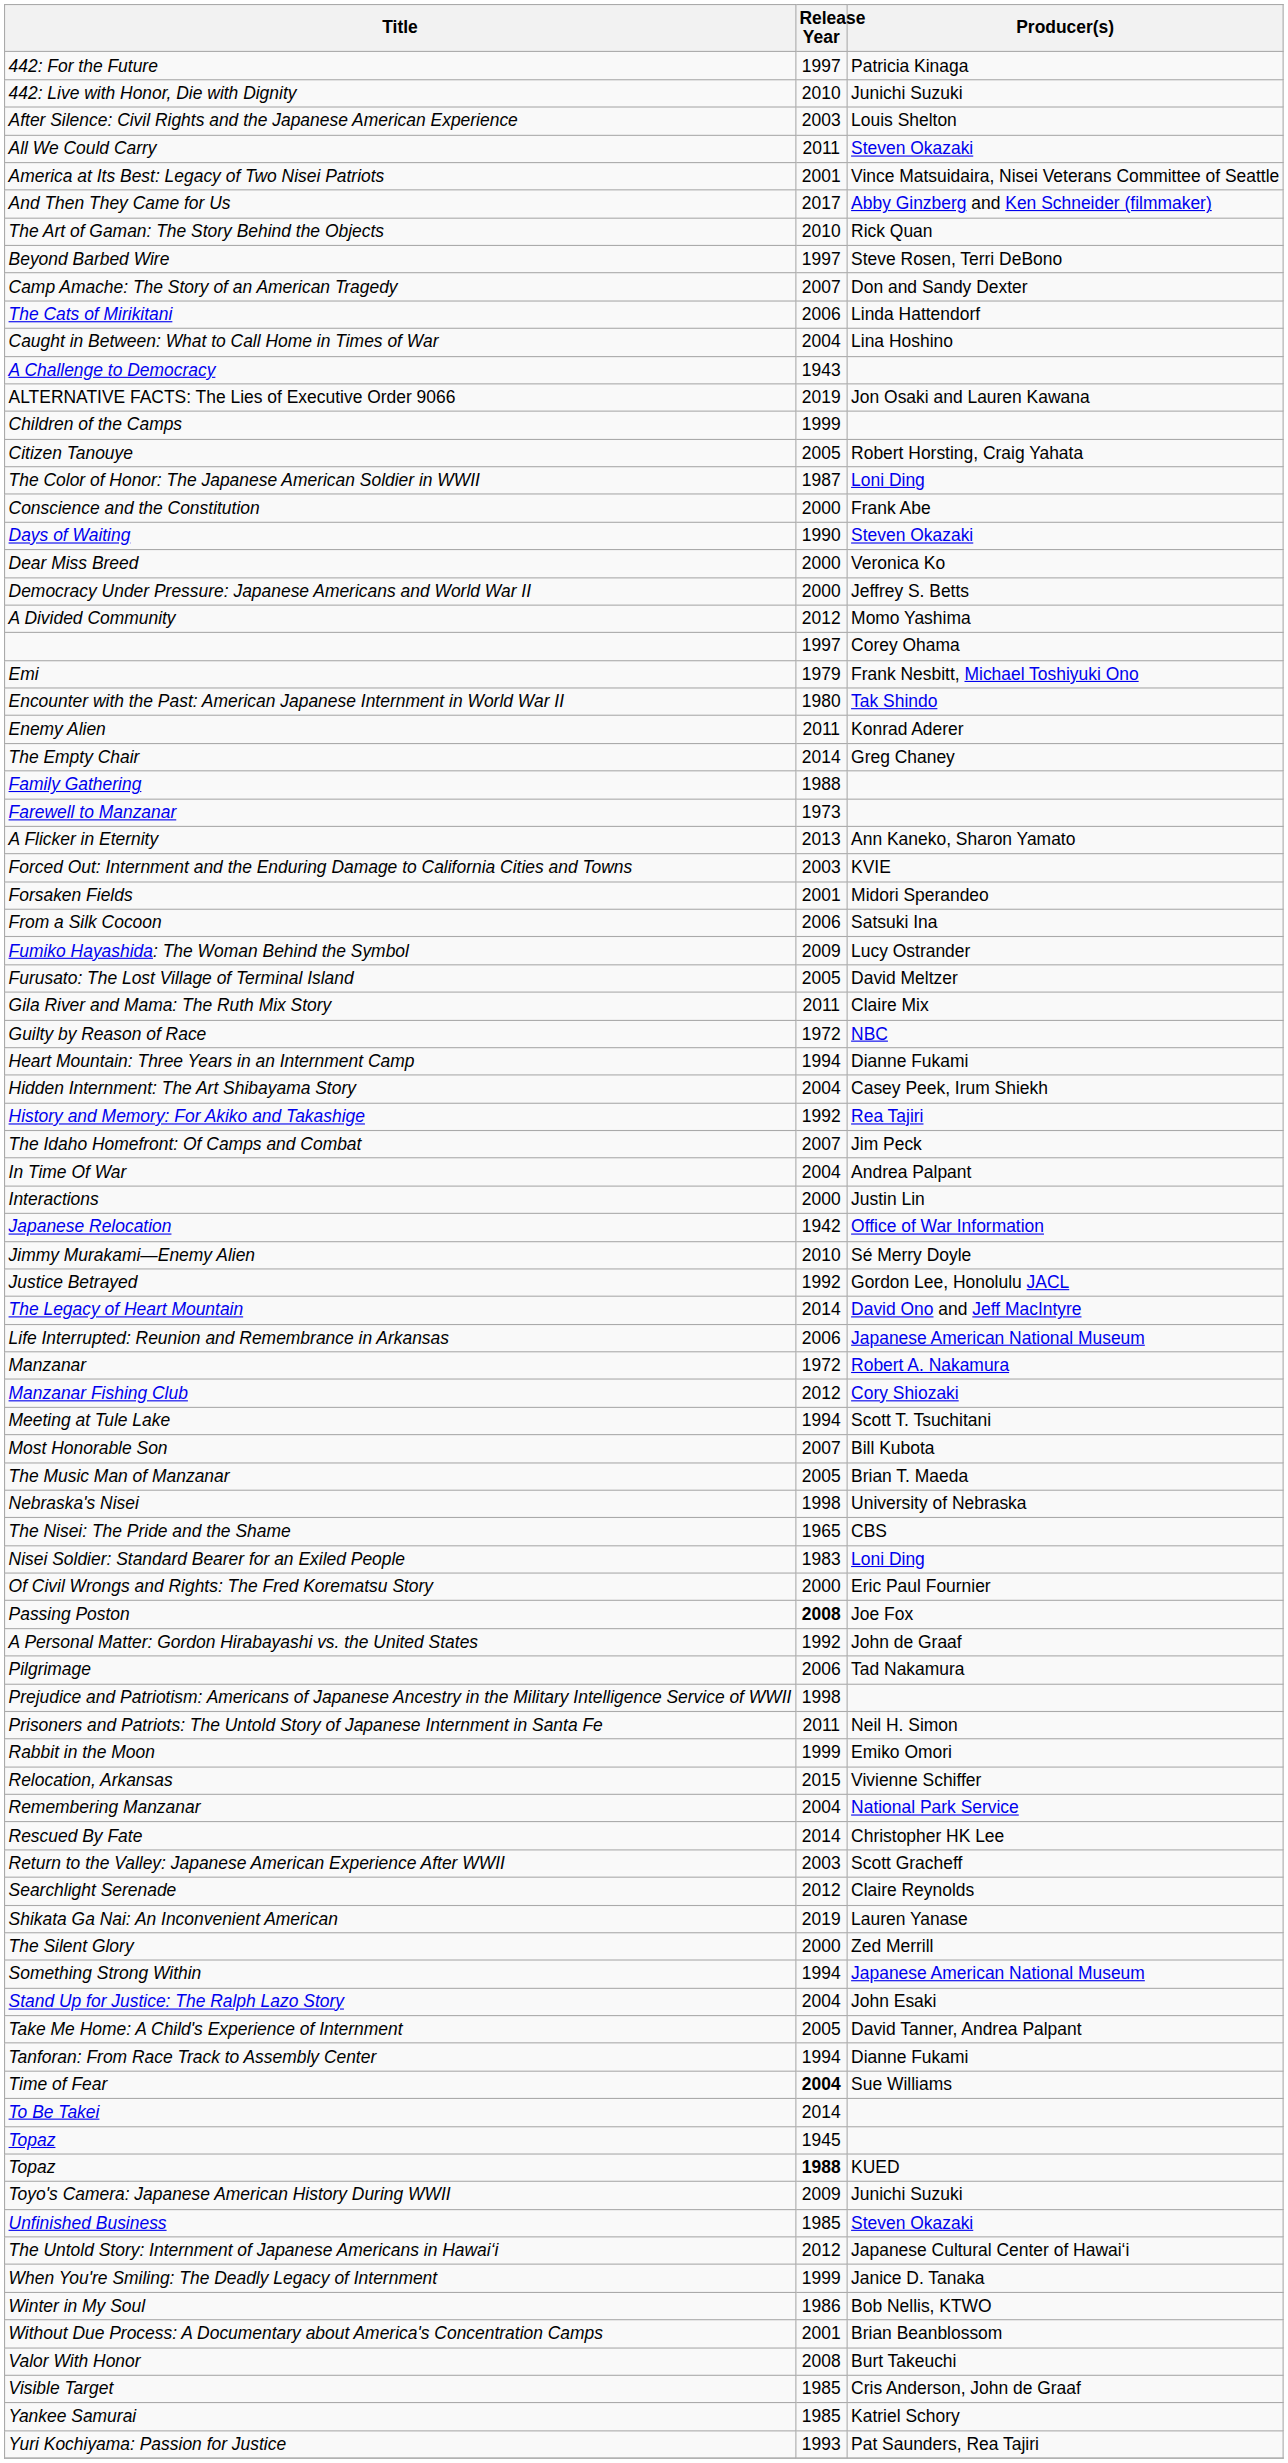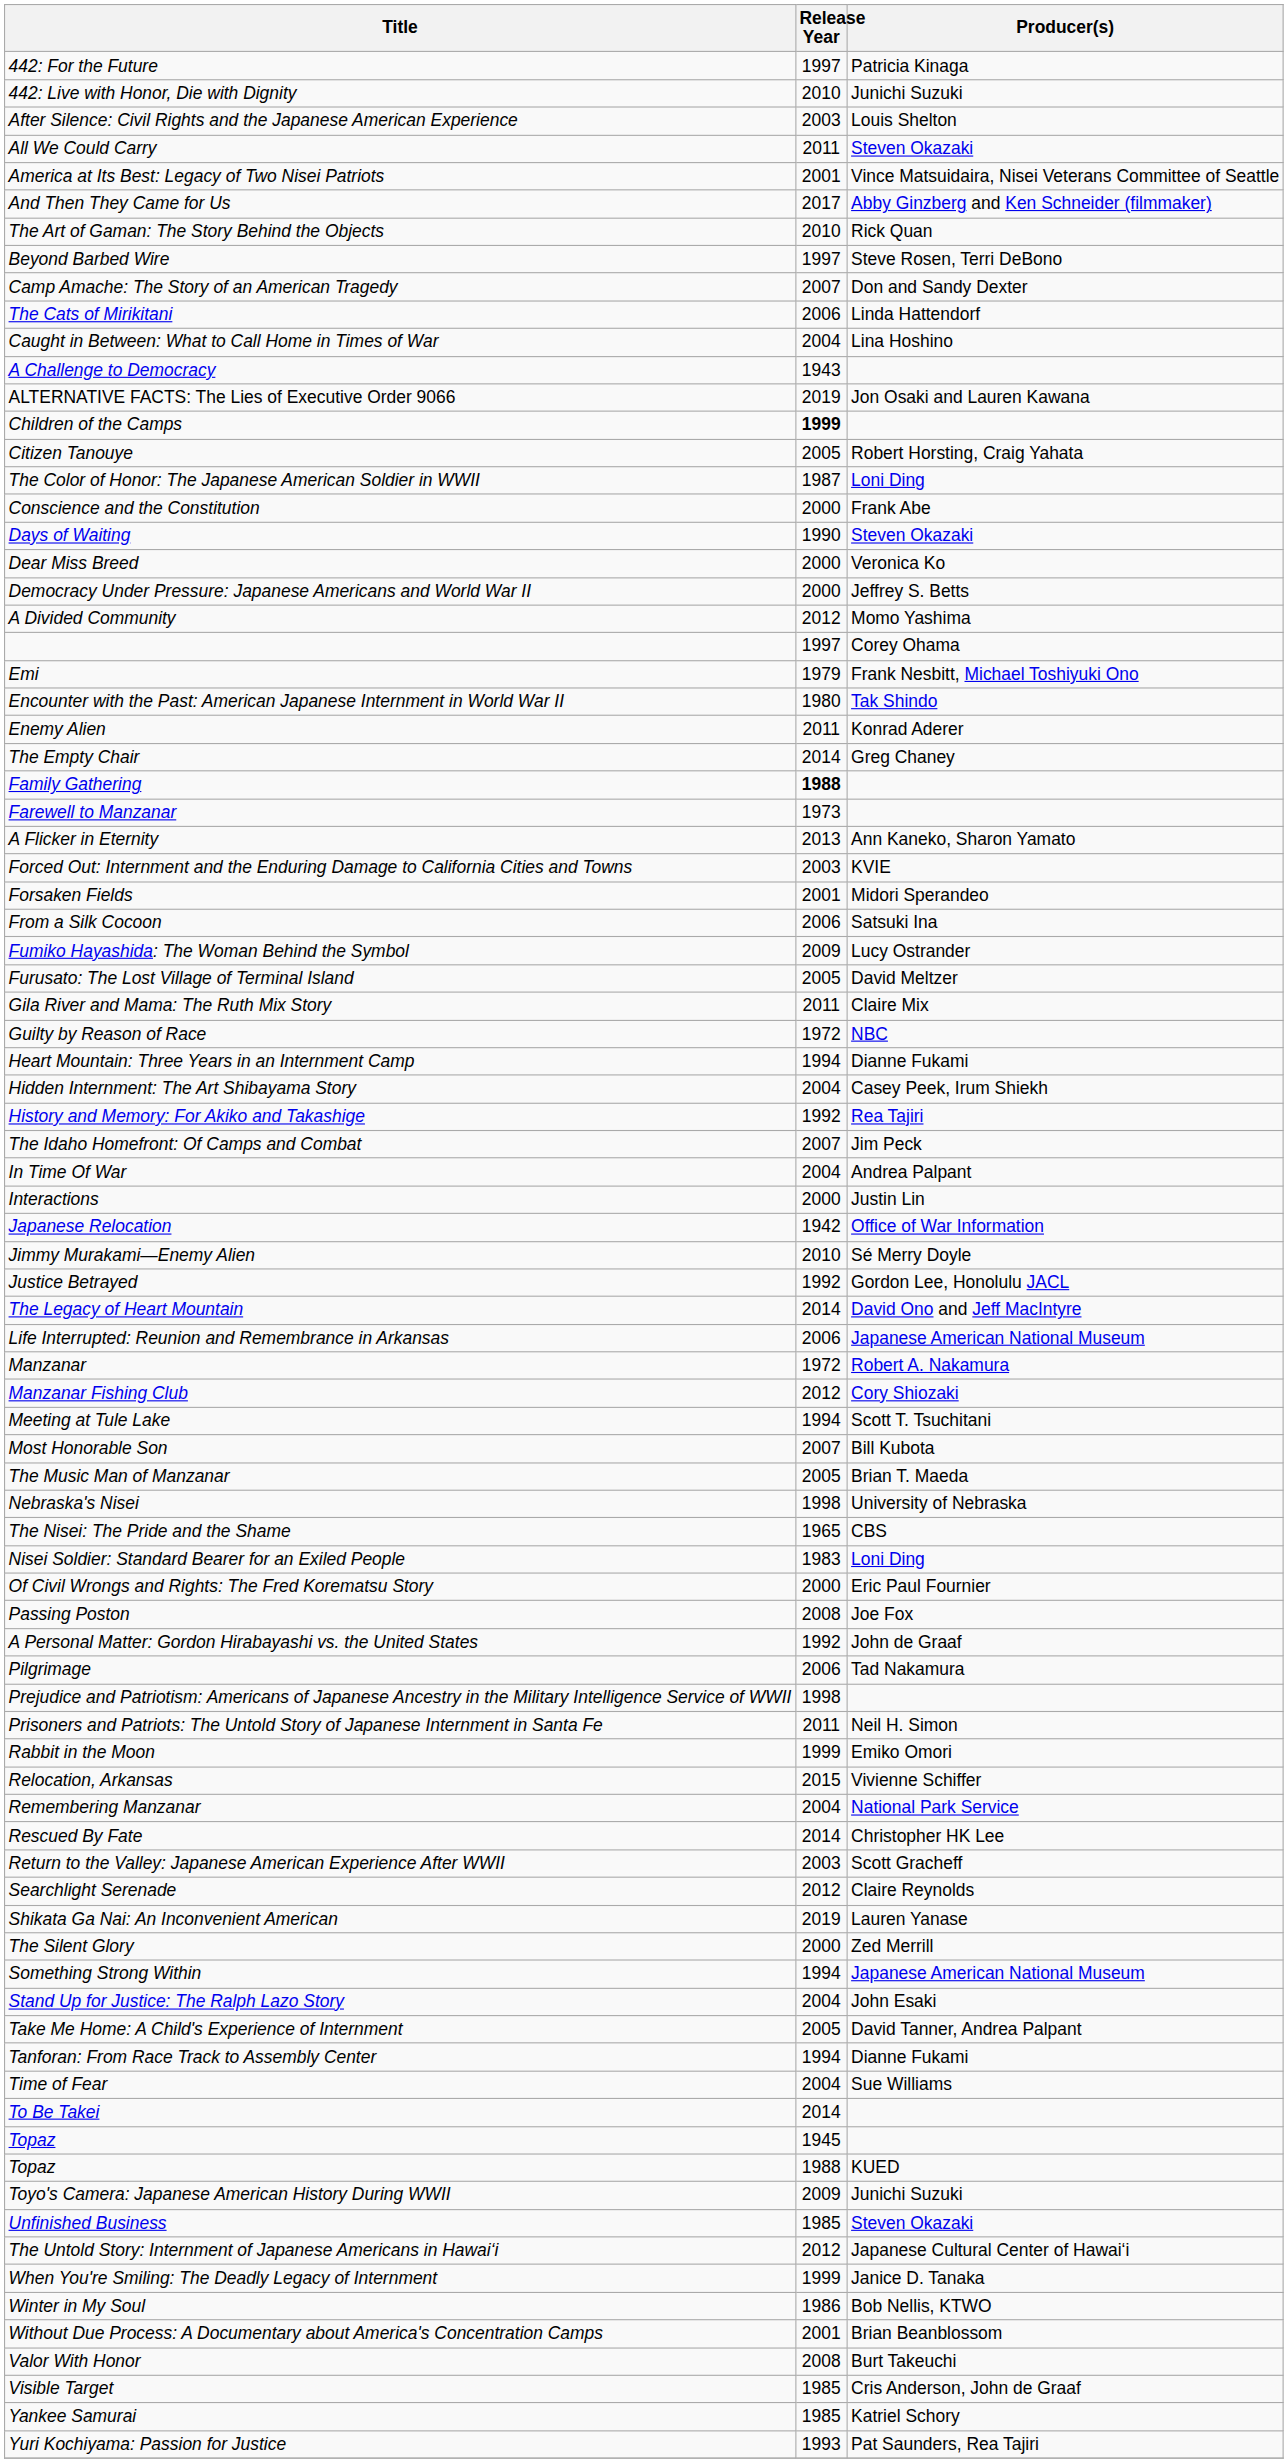 <table class="wikitable sortable">
 <tr>
 <th>Title</th>
 <th scope="col" style="max-width: 40px">Release Year</th>
 <th>Producer(s)</th>
 </tr>
 <tr>
 <td><em>442: For the Future</em></td>
 <td style="text-align: center;">1997</td>
 <td>Patricia Kinaga</td>
 </tr>
 <tr>
 <td><em>442: Live with Honor, Die with Dignity</em></td>
 <td style="text-align: center;">2010</td>
 <td>Junichi Suzuki</td>
 </tr>
 <tr>
 <td><em>After Silence: Civil Rights and the Japanese American Experience</em></td>
 <td style="text-align: center;">2003</td>
 <td>Louis Shelton</td>
 </tr>
 <tr>
 <td><em>All We Could Carry</em></td>
 <td style="text-align: center;">2011</td>
 <td><a href='#'>Steven Okazaki</a></td>
 </tr>
 <tr>
 <td><em>America at Its Best: Legacy of Two Nisei Patriots</em></td>
 <td style="text-align: center;">2001</td>
 <td>Vince Matsuidaira, Nisei Veterans Committee of Seattle</td>
 </tr>
 <tr>
 <td><em>And Then They Came for Us</em></td>
 <td style="text-align: center;">2017</td>
 <td><a href='#'>Abby Ginzberg</a> and <a href='#'>Ken Schneider (filmmaker)</a></td>
 </tr>
 <tr>
 <td><em>The Art of Gaman: The Story Behind the Objects</em></td>
 <td style="text-align: center;">2010</td>
 <td>Rick Quan</td>
 </tr>
 <tr>
 <td><em>Beyond Barbed Wire</em></td>
 <td style="text-align: center;">1997</td>
 <td>Steve Rosen, Terri DeBono</td>
 </tr>
 <tr>
 <td><em>Camp Amache: The Story of an American Tragedy</em> </td>
 <td style="text-align: center;">2007</td>
 <td>Don and Sandy Dexter</td>
 </tr>
 <tr>
 <td><em><a href='#'>The Cats of Mirikitani</a></em></td>
 <td style="text-align: center;">2006</td>
 <td>Linda Hattendorf</td>
 </tr>
 <tr>
 <td><em>Caught in Between: What to Call Home in Times of War</em></td>
 <td style="text-align: center;">2004</td>
 <td>Lina Hoshino</td>
 </tr>
 <tr>
 <td><em><a href='#'>A Challenge to Democracy</a></em></td>
 <td style="text-align: center;">1943</td>
 <td></td>
 </tr>
 <tr>
 <td>ALTERNATIVE FACTS: The Lies of Executive Order 9066</td>
 <td style="text-align: center;">2019</td>
 <td>Jon Osaki and Lauren Kawana</td>
 </tr>
 <tr>
 <td><em>Children of the Camps</em></td>
-<td style="text-align: center;">1999</td>
+<td style="text-align: center;"><strong>1999</strong></td>
 <td></td>
 </tr>
 <tr>
 <td><em>Citizen Tanouye</em></td>
 <td style="text-align: center;">2005</td>
 <td>Robert Horsting, Craig Yahata</td>
 </tr>
 <tr>
 <td><em>The Color of Honor: The Japanese American Soldier in WWII</em></td>
 <td style="text-align: center;">1987</td>
 <td><a href='#'>Loni Ding</a></td>
 </tr>
 <tr>
 <td><em>Conscience and the Constitution</em> </td>
 <td style="text-align: center;">2000</td>
 <td>Frank Abe</td>
 </tr>
 <tr>
 <td><em><a href='#'>Days of Waiting</a></em></td>
 <td style="text-align: center;">1990</td>
 <td><a href='#'>Steven Okazaki</a></td>
 </tr>
 <tr>
 <td><em>Dear Miss Breed</em></td>
 <td style="text-align: center;">2000</td>
 <td>Veronica Ko</td>
 </tr>
 <tr>
 <td><em>Democracy Under Pressure: Japanese Americans and World War II</em></td>
 <td style="text-align: center;">2000</td>
 <td>Jeffrey S. Betts</td>
 </tr>
 <tr>
 <td><em>A Divided Community</em></td>
 <td style="text-align: center;">2012</td>
 <td>Momo Yashima</td>
 </tr>
 <tr>
 <td></td>
 <td style="text-align: center;">1997</td>
 <td>Corey Ohama</td>
 </tr>
 <tr>
 <td><em>Emi</em></td>
 <td style="text-align: center;">1979</td>
 <td>Frank Nesbitt, <a href='#'>Michael Toshiyuki Ono</a></td>
 </tr>
 <tr>
 <td><em>Encounter with the Past: American Japanese Internment in World War II</em></td>
 <td style="text-align: center;">1980</td>
 <td><a href='#'>Tak Shindo</a></td>
 </tr>
 <tr>
 <td><em>Enemy Alien</em></td>
 <td style="text-align: center;">2011</td>
 <td>Konrad Aderer</td>
 </tr>
 <tr>
 <td><em>The Empty Chair</em></td>
 <td style="text-align: center;">2014</td>
 <td>Greg Chaney</td>
 </tr>
 <tr>
 <td><em><a href='#'>Family Gathering</a></em></td>
-<td style="text-align: center;">1988</td>
+<td style="text-align: center;"><strong>1988</strong></td>
 <td></td>
 </tr>
 <tr>
 <td><em><a href='#'>Farewell to Manzanar</a></em></td>
 <td style="text-align: center;">1973</td>
 <td></td>
 </tr>
 <tr>
 <td><em>A Flicker in Eternity</em></td>
 <td style="text-align: center;">2013</td>
 <td>Ann Kaneko, Sharon Yamato</td>
 </tr>
 <tr>
 <td><em>Forced Out: Internment and the Enduring Damage to California Cities and Towns</em></td>
 <td style="text-align: center;">2003</td>
 <td>KVIE</td>
 </tr>
 <tr>
 <td><em>Forsaken Fields</em></td>
 <td style="text-align: center;">2001</td>
 <td>Midori Sperandeo</td>
 </tr>
 <tr>
 <td><em>From a Silk Cocoon</em></td>
 <td style="text-align: center;">2006</td>
 <td>Satsuki Ina</td>
 </tr>
 <tr>
 <td><em><a href='#'>Fumiko Hayashida</a>: The Woman Behind the Symbol</em></td>
 <td style="text-align: center;">2009</td>
 <td>Lucy Ostrander</td>
 </tr>
 <tr>
 <td><em>Furusato: The Lost Village of Terminal Island</em></td>
 <td style="text-align: center;">2005</td>
 <td>David Meltzer</td>
 </tr>
 <tr>
 <td><em>Gila River and Mama: The Ruth Mix Story</em></td>
 <td style="text-align: center;">2011</td>
 <td>Claire Mix</td>
 </tr>
 <tr>
 <td><em>Guilty by Reason of Race</em></td>
 <td style="text-align: center;">1972</td>
 <td><a href='#'>NBC</a></td>
 </tr>
 <tr>
 <td><em>Heart Mountain: Three Years in an Internment Camp</em></td>
 <td style="text-align: center;">1994</td>
 <td>Dianne Fukami</td>
 </tr>
 <tr>
 <td><em>Hidden Internment: The Art Shibayama Story</em></td>
 <td style="text-align: center;">2004</td>
 <td>Casey Peek, Irum Shiekh</td>
 </tr>
 <tr>
 <td><em><a href='#'>History and Memory: For Akiko and Takashige</a></em></td>
 <td style="text-align: center;">1992</td>
 <td><a href='#'>Rea Tajiri</a></td>
 </tr>
 <tr>
 <td><em>The Idaho Homefront: Of Camps and Combat</em></td>
 <td style="text-align: center;">2007</td>
 <td>Jim Peck</td>
 </tr>
 <tr>
 <td><em>In Time Of War</em></td>
 <td style="text-align: center;">2004</td>
 <td>Andrea Palpant</td>
 </tr>
 <tr>
 <td><em>Interactions</em></td>
 <td style="text-align: center;">2000</td>
 <td>Justin Lin</td>
 </tr>
 <tr>
 <td><em><a href='#'>Japanese Relocation</a></em></td>
 <td style="text-align: center;">1942</td>
 <td><a href='#'>Office of War Information</a></td>
 </tr>
 <tr>
 <td><em>Jimmy Murakami—Enemy Alien</em></td>
 <td style="text-align: center;">2010</td>
 <td>Sé Merry Doyle</td>
 </tr>
 <tr>
 <td><em>Justice Betrayed</em></td>
 <td style="text-align: center;">1992</td>
 <td>Gordon Lee, Honolulu <a href='#'>JACL</a></td>
 </tr>
 <tr>
 <td><em><a href='#'>The Legacy of Heart Mountain</a></em></td>
 <td style="text-align: center;">2014</td>
 <td><a href='#'>David Ono</a> and <a href='#'>Jeff MacIntyre</a></td>
 </tr>
 <tr>
 <td><em>Life Interrupted: Reunion and Remembrance in Arkansas</em></td>
 <td style="text-align: center;">2006</td>
 <td><a href='#'>Japanese American National Museum</a></td>
 </tr>
 <tr>
 <td><em>Manzanar</em></td>
 <td style="text-align: center;">1972</td>
 <td><a href='#'>Robert A. Nakamura</a></td>
 </tr>
 <tr>
 <td><em><a href='#'>Manzanar Fishing Club</a></em></td>
 <td style="text-align: center;">2012</td>
 <td><a href='#'>Cory Shiozaki</a></td>
 </tr>
 <tr>
 <td><em>Meeting at Tule Lake</em></td>
 <td style="text-align: center;">1994</td>
 <td>Scott T. Tsuchitani</td>
 </tr>
 <tr>
 <td><em>Most Honorable Son</em></td>
 <td style="text-align: center;">2007</td>
 <td>Bill Kubota</td>
 </tr>
 <tr>
 <td><em>The Music Man of Manzanar</em></td>
 <td style="text-align: center;">2005</td>
 <td>Brian T. Maeda</td>
 </tr>
 <tr>
 <td><em>Nebraska's Nisei</em></td>
 <td style="text-align: center;">1998</td>
 <td>University of Nebraska</td>
 </tr>
 <tr>
 <td><em>The Nisei: The Pride and the Shame</em></td>
 <td style="text-align: center;">1965</td>
 <td>CBS</td>
 </tr>
 <tr>
 <td><em>Nisei Soldier: Standard Bearer for an Exiled People</em></td>
 <td style="text-align: center;">1983</td>
 <td><a href='#'>Loni Ding</a></td>
 </tr>
 <tr>
 <td><em>Of Civil Wrongs and Rights: The Fred Korematsu Story</em></td>
 <td style="text-align: center;">2000</td>
 <td>Eric Paul Fournier</td>
 </tr>
 <tr>
 <td><em>Passing Poston</em></td>
-<td style="text-align: center;"><strong>2008</strong></td>
+<td style="text-align: center;">2008</td>
 <td>Joe Fox</td>
 </tr>
 <tr>
 <td><em>A Personal Matter: Gordon Hirabayashi vs. the United States</em></td>
 <td style="text-align: center;">1992</td>
 <td>John de Graaf</td>
 </tr>
 <tr>
 <td><em>Pilgrimage</em></td>
 <td style="text-align: center;">2006</td>
 <td>Tad Nakamura</td>
 </tr>
 <tr>
 <td><em>Prejudice and Patriotism: Americans of Japanese Ancestry in the Military Intelligence Service of WWII</em></td>
 <td style="text-align: center;">1998</td>
 <td></td>
 </tr>
 <tr>
 <td><em>Prisoners and Patriots: The Untold Story of Japanese Internment in Santa Fe</em></td>
 <td style="text-align: center;">2011</td>
 <td>Neil H. Simon</td>
 </tr>
 <tr>
 <td><em>Rabbit in the Moon</em></td>
 <td style="text-align: center;">1999</td>
 <td>Emiko Omori</td>
 </tr>
 <tr>
 <td><em>Relocation, Arkansas</em></td>
 <td style="text-align: center;">2015</td>
 <td>Vivienne Schiffer</td>
 </tr>
 <tr>
 <td><em>Remembering Manzanar</em></td>
 <td style="text-align: center;">2004</td>
 <td><a href='#'>National Park Service</a></td>
 </tr>
 <tr>
 <td><em>Rescued By Fate</em></td>
 <td style="text-align: center;">2014</td>
 <td>Christopher HK Lee</td>
 </tr>
 <tr>
 <td><em>Return to the Valley: Japanese American Experience After WWII</em></td>
 <td style="text-align: center;">2003</td>
 <td>Scott Gracheff</td>
 </tr>
 <tr>
 <td><em>Searchlight Serenade</em></td>
 <td style="text-align: center;">2012</td>
 <td>Claire Reynolds</td>
 </tr>
 <tr>
 <td><em>Shikata Ga Nai: An Inconvenient American</em></td>
 <td style="text-align: center;">2019</td>
 <td>Lauren Yanase</td>
 </tr>
 <tr>
 <td><em>The Silent Glory</em></td>
 <td style="text-align: center;">2000</td>
 <td>Zed Merrill</td>
 </tr>
 <tr>
 <td><em>Something Strong Within</em></td>
 <td style="text-align: center;">1994</td>
 <td><a href='#'>Japanese American National Museum</a></td>
 </tr>
 <tr>
 <td><em><a href='#'>Stand Up for Justice: The Ralph Lazo Story</a></em></td>
 <td style="text-align: center;">2004</td>
 <td>John Esaki</td>
 </tr>
 <tr>
 <td><em>Take Me Home: A Child's Experience of Internment</em></td>
 <td style="text-align: center;">2005</td>
 <td>David Tanner, Andrea Palpant</td>
 </tr>
 <tr>
 <td><em>Tanforan: From Race Track to Assembly Center</em></td>
 <td style="text-align: center;">1994</td>
 <td>Dianne Fukami</td>
 </tr>
 <tr>
 <td><em>Time of Fear</em></td>
-<td style="text-align: center;"><strong>2004</strong></td>
+<td style="text-align: center;">2004</td>
 <td>Sue Williams</td>
 </tr>
 <tr>
 <td><em><a href='#'>To Be Takei</a></em></td>
 <td style="text-align: center;">2014</td>
 <td></td>
 </tr>
 <tr>
 <td><em><a href='#'>Topaz</a></em></td>
 <td style="text-align: center;">1945</td>
 <td></td>
 </tr>
 <tr>
 <td><em>Topaz</em></td>
-<td style="text-align: center;"><strong>1988</strong></td>
+<td style="text-align: center;">1988</td>
 <td>KUED</td>
 </tr>
 <tr>
 <td><em>Toyo's Camera: Japanese American History During WWII</em></td>
 <td style="text-align: center;">2009</td>
 <td>Junichi Suzuki</td>
 </tr>
 <tr>
 <td><em><a href='#'>Unfinished Business</a></em></td>
 <td style="text-align: center;">1985</td>
 <td><a href='#'>Steven Okazaki</a></td>
 </tr>
 <tr>
 <td><em>The Untold Story: Internment of Japanese Americans in Hawai‘i</em></td>
 <td style="text-align: center;">2012</td>
 <td>Japanese Cultural Center of Hawai‘i</td>
 </tr>
 <tr>
 <td><em>When You're Smiling: The Deadly Legacy of Internment</em></td>
 <td style="text-align: center;">1999</td>
 <td>Janice D. Tanaka</td>
 </tr>
 <tr>
 <td><em>Winter in My Soul</em></td>
 <td style="text-align: center;">1986</td>
 <td>Bob Nellis, KTWO</td>
 </tr>
 <tr>
 <td><em>Without Due Process: A Documentary about America's Concentration Camps</em></td>
 <td style="text-align: center;">2001</td>
 <td>Brian Beanblossom</td>
 </tr>
 <tr>
 <td><em>Valor With Honor</em></td>
 <td style="text-align: center;">2008</td>
 <td>Burt Takeuchi</td>
 </tr>
 <tr>
 <td><em>Visible Target</em></td>
 <td style="text-align: center;">1985</td>
 <td>Cris Anderson, John de Graaf</td>
 </tr>
 <tr>
 <td><em>Yankee Samurai</em></td>
 <td style="text-align: center;">1985</td>
 <td>Katriel Schory</td>
 </tr>
 <tr>
 <td><em>Yuri Kochiyama: Passion for Justice</em></td>
 <td style="text-align: center;">1993</td>
 <td>Pat Saunders, Rea Tajiri</td>
 </tr>
 <tr>
 </tr>
 </table>
